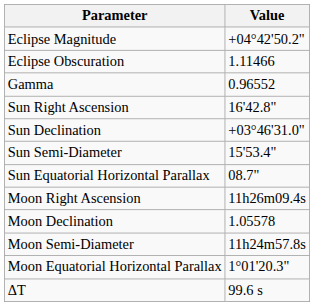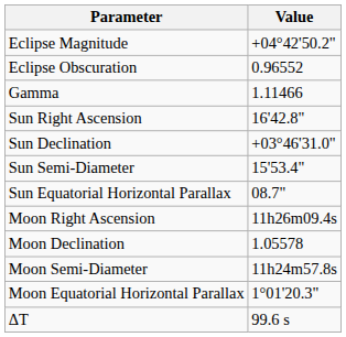 <table class="wikitable">
 <tr>
 <th>Parameter</th>
 <th>Value</th>
 </tr>
 <tr>
 <td>Eclipse Magnitude</td>
 <td>+04°42'50.2"</td>
 </tr>
 <tr>
 <td>Eclipse Obscuration</td>
-<td>1.11466</td>
+<td>0.96552</td>
 </tr>
 <tr>
 <td>Gamma</td>
-<td>0.96552</td>
+<td>1.11466</td>
 </tr>
 <tr>
 <td>Sun Right Ascension</td>
 <td>16'42.8"</td>
 </tr>
 <tr>
 <td>Sun Declination</td>
 <td>+03°46'31.0"</td>
 </tr>
 <tr>
 <td>Sun Semi-Diameter</td>
 <td>15'53.4"</td>
 </tr>
 <tr>
 <td>Sun Equatorial Horizontal Parallax</td>
 <td>08.7"</td>
 </tr>
 <tr>
 <td>Moon Right Ascension</td>
 <td>11h26m09.4s</td>
 </tr>
 <tr>
 <td>Moon Declination</td>
 <td>1.05578</td>
 </tr>
 <tr>
 <td>Moon Semi-Diameter</td>
 <td>11h24m57.8s</td>
 </tr>
 <tr>
 <td>Moon Equatorial Horizontal Parallax</td>
 <td>1°01'20.3"</td>
 </tr>
 <tr>
 <td>ΔT</td>
 <td>99.6 s</td>
 </tr>
 </table>
